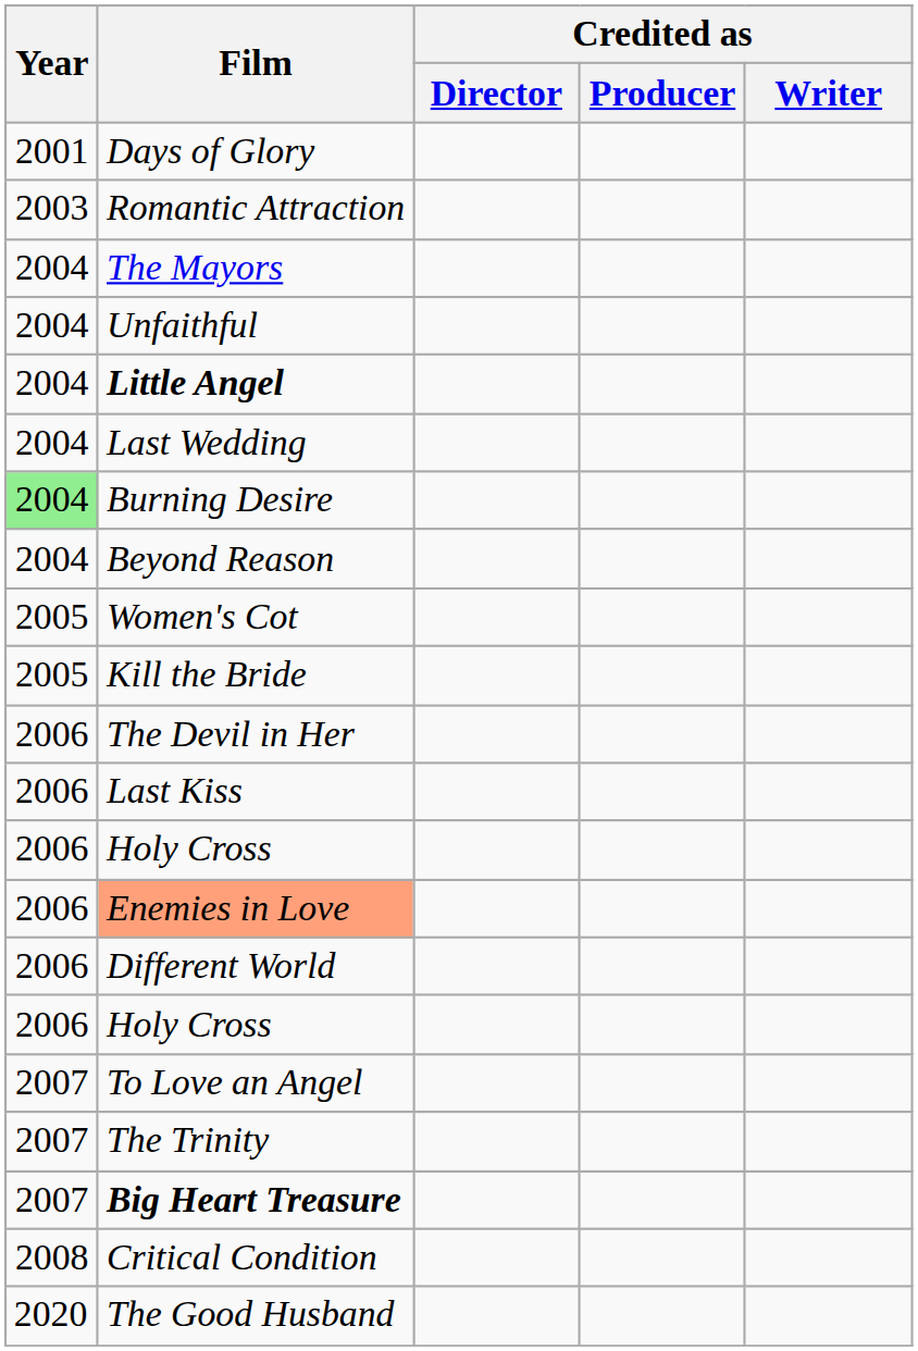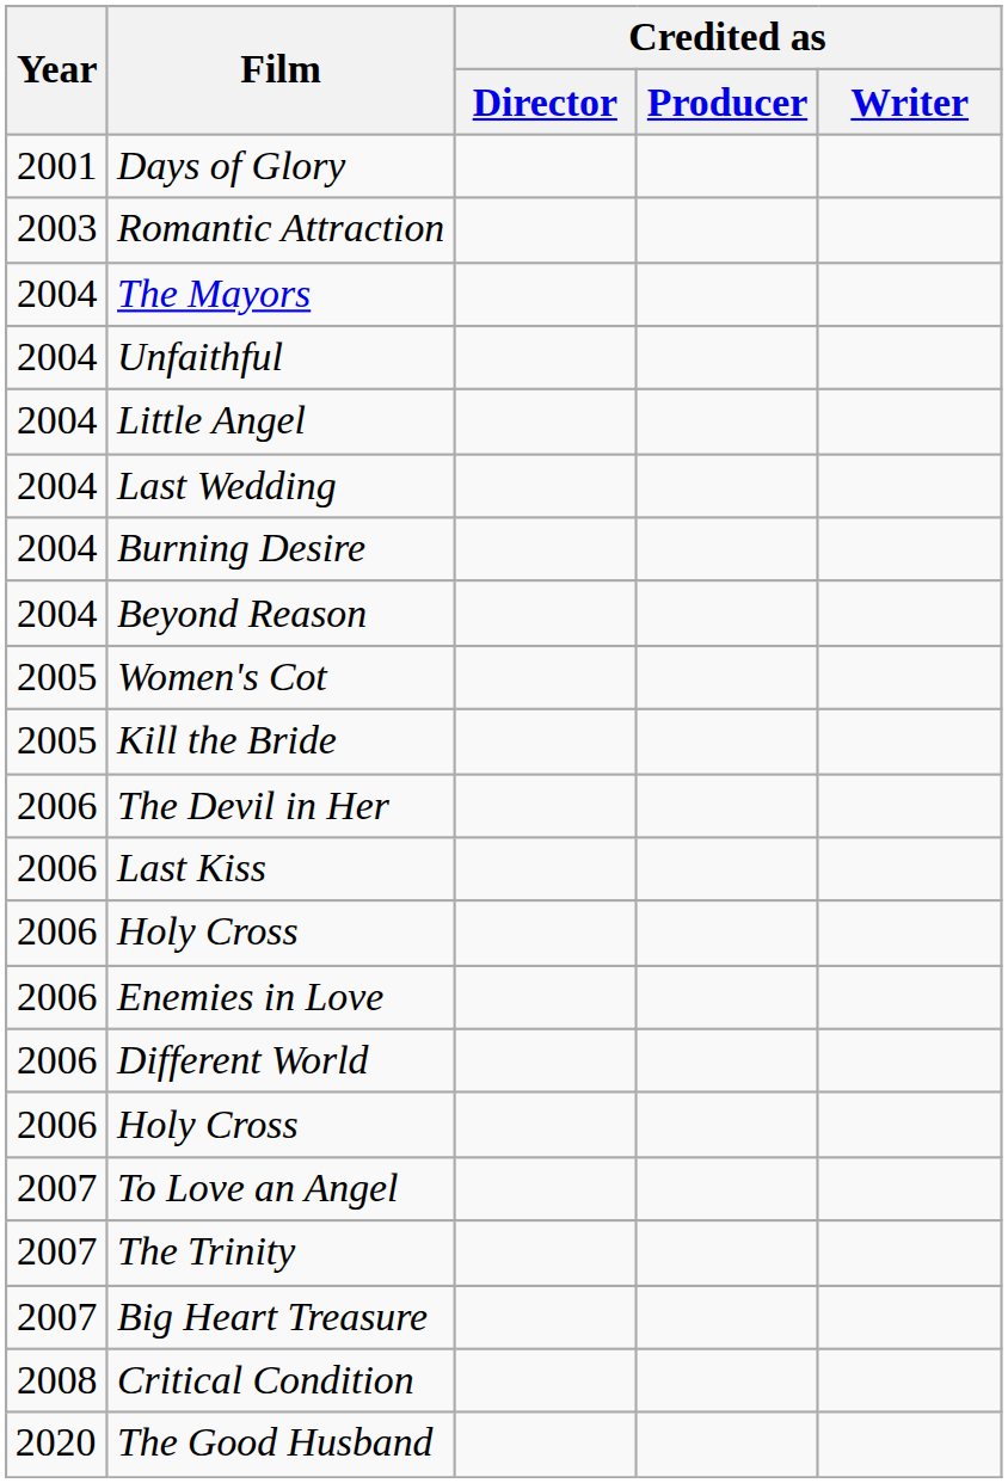 <table class="wikitable">
 <tr>
 <th rowspan="2" width="33">Year</th>
 <th rowspan="2">Film</th>
 <th colspan="5">Credited as</th>
 </tr>
 <tr>
 <th width=65><a href='#'>Director</a></th>
 <th width=65><a href='#'>Producer</a></th>
 <th width=65><a href='#'>Writer</a></th>
 </tr>
 <tr align="center">
 <td align="center">2001</td>
 <td align="left"><em>Days of Glory</em></td>
 <td></td>
 <td></td>
 <td></td>
 </tr>
 <tr align="center">
 <td align="center">2003</td>
 <td align="left"><em>Romantic Attraction</em></td>
 <td></td>
 <td></td>
 <td></td>
 </tr>
 <tr align="center">
 <td align="center">2004</td>
 <td align="left"><em><a href='#'>The Mayors</a></em></td>
 <td></td>
 <td></td>
 <td></td>
 </tr>
 <tr align="center">
 <td align="center">2004</td>
 <td align="left"><em>Unfaithful</em></td>
 <td></td>
 <td></td>
 <td></td>
 </tr>
 <tr align="center">
 <td align="center">2004</td>
-<td align="left"><strong><em>Little Angel</em></strong></td>
+<td align="left"><em>Little Angel</em></td>
 <td></td>
 <td></td>
 <td></td>
 </tr>
 <tr align="center">
 <td align="center">2004</td>
 <td align="left"><em>Last Wedding</em></td>
 <td></td>
 <td></td>
 <td></td>
 </tr>
 <tr align="center">
-<td align="center" style="background: lightgreen;">2004</td>
+<td align="center">2004</td>
 <td align="left"><em>Burning Desire</em></td>
 <td></td>
 <td></td>
 <td></td>
 </tr>
 <tr align="center">
 <td align="center">2004</td>
 <td align="left"><em>Beyond Reason</em></td>
 <td></td>
 <td></td>
 <td></td>
 </tr>
 <tr align="center">
 <td align="center">2005</td>
 <td align="left"><em>Women's Cot</em></td>
 <td></td>
 <td></td>
 <td></td>
 </tr>
 <tr align="center">
 <td align="center">2005</td>
 <td align="left"><em>Kill the Bride</em></td>
 <td></td>
 <td></td>
 <td></td>
 </tr>
 <tr align="center">
 <td align="center">2006</td>
 <td align="left"><em>The Devil in Her</em></td>
 <td></td>
 <td></td>
 <td></td>
 </tr>
 <tr align="center">
 <td align="center">2006</td>
 <td align="left"><em>Last Kiss</em></td>
 <td></td>
 <td></td>
 <td></td>
 </tr>
 <tr align="center">
 <td align="center">2006</td>
 <td align="left"><em>Holy Cross</em></td>
 <td></td>
 <td></td>
 <td></td>
 </tr>
 <tr align="center">
 <td align="center">2006</td>
-<td align="left" style="background: lightsalmon;"><em>Enemies in Love</em></td>
+<td align="left"><em>Enemies in Love</em></td>
 <td></td>
 <td></td>
 <td></td>
 </tr>
 <tr align="center">
 <td align="center">2006</td>
 <td align="left"><em>Different World</em></td>
 <td></td>
 <td></td>
 <td></td>
 </tr>
 <tr align="center">
 <td align="center">2006</td>
 <td align="left"><em>Holy Cross</em></td>
 <td></td>
 <td></td>
 <td></td>
 </tr>
 <tr align="center">
 <td align="center">2007</td>
 <td align="left"><em>To Love an Angel</em></td>
 <td></td>
 <td></td>
 <td></td>
 </tr>
 <tr align="center">
 <td align="center">2007</td>
 <td align="left"><em>The Trinity</em></td>
 <td></td>
 <td></td>
 <td></td>
 </tr>
 <tr align="center">
 <td align="center">2007</td>
-<td align="left"><strong><em>Big Heart Treasure</em></strong></td>
+<td align="left"><em>Big Heart Treasure</em></td>
 <td></td>
 <td></td>
 <td></td>
 </tr>
 <tr align="center">
 <td align="center">2008</td>
 <td align="left"><em>Critical Condition</em></td>
 <td></td>
 <td></td>
 <td></td>
 </tr>
 <tr>
 <td>2020</td>
 <td><em>The Good Husband</em></td>
 <td></td>
 <td></td>
 <td></td>
 </tr>
 </table>
